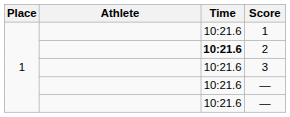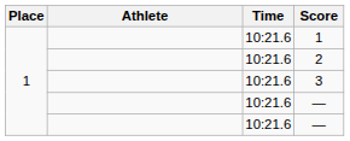 <table class=wikitable style="text-align:center">
 <tr>
 <th width=20>Place</th>
 <th width=220>Athlete</th>
 <th width=50>Time</th>
 <th width=50>Score</th>
 </tr>
 <tr>
 <td rowspan=5>1</td>
 <td align=left></td>
 <td>10:21.6</td>
 <td>1</td>
 </tr>
 <tr>
 <td align=left></td>
-<td><strong>10:21.6</strong></td>
+<td>10:21.6</td>
 <td>2</td>
 </tr>
 <tr>
 <td align=left></td>
 <td>10:21.6</td>
 <td>3</td>
 </tr>
 <tr>
 <td align=left><em></em></td>
 <td>10:21.6</td>
 <td>—</td>
 </tr>
 <tr>
 <td align=left><em></em></td>
 <td>10:21.6</td>
 <td>—</td>
 </tr>
 </table>
